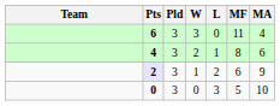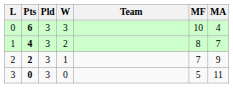 <table class=wikitable style="text-align:center; font-size:95%">
 <tr>
-<th width=175>Team</th>
+<th width=20>L</th>
 <th width=20>Pts</th>
 <th width=20>Pld</th>
 <th width=20>W</th>
-<th width=20>L</th>
+<th width=175>Team</th>
 <th width=20>MF</th>
 <th width=20>MA</th>
 </tr>
 <tr bgcolor=ccffcc>
-<td style="text-align:left"></td>
+<td>0</td>
 <td><strong>6</strong></td>
 <td>3</td>
 <td>3</td>
-<td>0</td>
-<td>11</td>
+<td style="text-align:left"></td>
+<td>10</td>
 <td>4</td>
 </tr>
 <tr bgcolor=ccffcc>
-<td style="text-align:left"></td>
+<td>1</td>
 <td><strong>4</strong></td>
 <td>3</td>
 <td>2</td>
-<td>1</td>
+<td style="text-align:left"></td>
 <td>8</td>
-<td>6</td>
+<td>7</td>
 </tr>
 <tr>
-<td style="text-align:left"></td>
-<td style="background: lavender;"><strong>2</strong></td>
+<td>2</td>
+<td><strong>2</strong></td>
 <td>3</td>
 <td>1</td>
-<td>2</td>
-<td>6</td>
+<td style="text-align:left"></td>
+<td>7</td>
 <td>9</td>
 </tr>
 <tr>
-<td style="text-align:left"></td>
+<td>3</td>
 <td><strong>0</strong></td>
 <td>3</td>
 <td>0</td>
-<td>3</td>
+<td style="text-align:left"></td>
 <td>5</td>
-<td>10</td>
+<td>11</td>
 </tr>
 </table>
